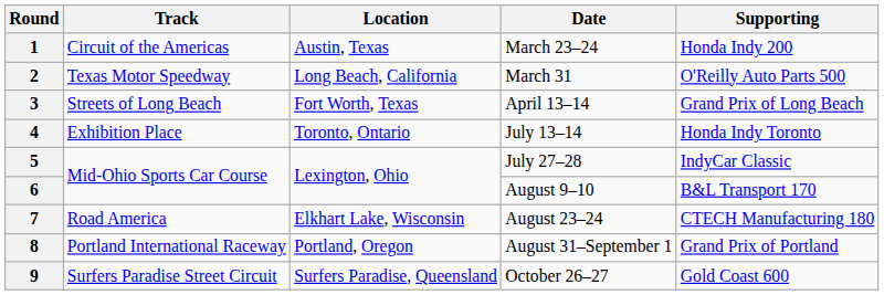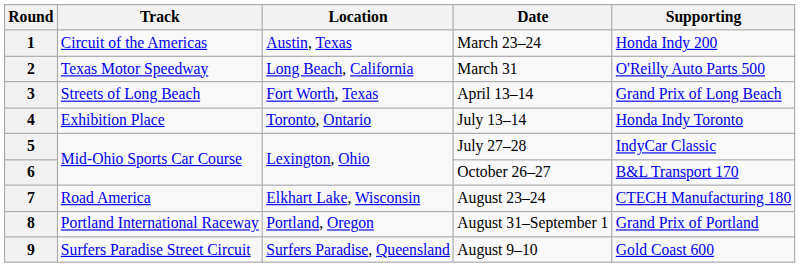 <table class="wikitable" style="font-size: 85%;">
 <tr>
 <th>Round</th>
 <th>Track</th>
 <th>Location</th>
 <th>Date</th>
 <th>Supporting</th>
 </tr>
 <tr>
 <th>1</th>
 <td><a href='#'>Circuit of the Americas</a></td>
 <td> <a href='#'>Austin</a>, <a href='#'>Texas</a></td>
 <td>March 23–24</td>
 <td><a href='#'>Honda Indy 200</a></td>
 </tr>
 <tr>
 <th>2</th>
 <td><a href='#'>Texas Motor Speedway</a></td>
 <td> <a href='#'>Long Beach</a>, <a href='#'>California</a></td>
 <td>March 31</td>
 <td><a href='#'>O'Reilly Auto Parts 500</a></td>
 </tr>
 <tr>
 <th>3</th>
 <td><a href='#'>Streets of Long Beach</a></td>
 <td> <a href='#'>Fort Worth</a>, <a href='#'>Texas</a></td>
 <td>April 13–14</td>
 <td><a href='#'>Grand Prix of Long Beach</a></td>
 </tr>
 <tr>
 <th>4</th>
 <td><a href='#'>Exhibition Place</a></td>
 <td> <a href='#'>Toronto</a>, <a href='#'>Ontario</a></td>
 <td>July 13–14</td>
 <td><a href='#'>Honda Indy Toronto</a></td>
 </tr>
 <tr>
 <th>5</th>
 <td rowspan=2><a href='#'>Mid-Ohio Sports Car Course</a></td>
 <td rowspan=2> <a href='#'>Lexington</a>, <a href='#'>Ohio</a></td>
 <td>July 27–28</td>
 <td><a href='#'>IndyCar Classic</a></td>
 </tr>
 <tr>
 <th>6</th>
-<td>August 9–10</td>
+<td>October 26–27</td>
 <td><a href='#'>B&L Transport 170</a></td>
 </tr>
 <tr>
 <th>7</th>
 <td><a href='#'>Road America</a></td>
 <td> <a href='#'>Elkhart Lake</a>, <a href='#'>Wisconsin</a></td>
 <td>August 23–24</td>
 <td><a href='#'>CTECH Manufacturing 180</a></td>
 </tr>
 <tr>
 <th>8</th>
 <td><a href='#'>Portland International Raceway</a></td>
 <td> <a href='#'>Portland</a>, <a href='#'>Oregon</a></td>
 <td>August 31–September 1</td>
 <td><a href='#'>Grand Prix of Portland</a></td>
 </tr>
 <tr>
 <th>9</th>
 <td><a href='#'>Surfers Paradise Street Circuit</a></td>
 <td> <a href='#'>Surfers Paradise</a>, <a href='#'>Queensland</a></td>
-<td>October 26–27</td>
+<td>August 9–10</td>
 <td><a href='#'>Gold Coast 600</a></td>
 </tr>
 </table>
